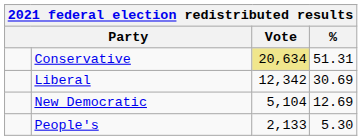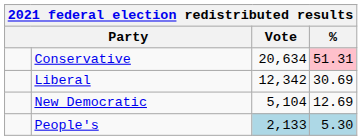 <table class="wikitable">
 <tr>
 <th colspan="4"><a href='#'>2021 federal election</a> redistributed results</th>
 </tr>
 <tr>
 <th bgcolor="#DDDDFF" width="130px" colspan="2">Party</th>
 <th bgcolor="#DDDDFF" width="50px">Vote</th>
 <th bgcolor="#DDDDFF" width="30px">%</th>
 </tr>
 <tr>
 <td> </td>
 <td><a href='#'>Conservative</a></td>
-<td align=right style="background: khaki;">20,634</td>
-<td align=right>51.31</td>
+<td align=right>20,634</td>
+<td align=right style="background: pink;">51.31</td>
 </tr>
 <tr>
 <td> </td>
 <td><a href='#'>Liberal</a></td>
 <td align=right>12,342</td>
 <td align=right>30.69</td>
 </tr>
 <tr>
 <td> </td>
 <td><a href='#'>New Democratic</a></td>
 <td align=right>5,104</td>
 <td align=right>12.69</td>
 </tr>
 <tr>
 <td> </td>
 <td><a href='#'>People's</a></td>
-<td align=right>2,133</td>
-<td align=right>5.30</td>
+<td align=right style="background: lightblue;">2,133</td>
+<td align=right style="background: lightblue;">5.30</td>
 </tr>
 </table>
